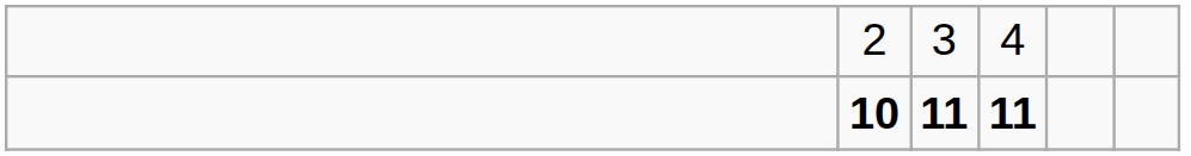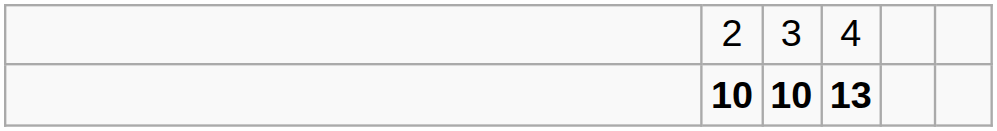 <table class="wikitable">
 <tr>
 <td style="width:18em"></td>
 <td align=center style="width:1em">2</td>
 <td align=center style="width:1em">3</td>
 <td align=center style="width:1em">4</td>
 <td align=center style="width:1em"></td>
 <td align=center style="width:1em"></td>
 </tr>
 <tr>
 <td style="width:18em"><strong></strong></td>
 <td align=center style="width:1em"><strong>10</strong></td>
-<td align=center style="width:1em"><strong>11</strong></td>
-<td align=center style="width:1em"><strong>11</strong></td>
+<td align=center style="width:1em"><strong>10</strong></td>
+<td align=center style="width:1em"><strong>13</strong></td>
 <td align=center style="width:1em"></td>
 <td align=center style="width:1em"></td>
 </tr>
 </table>
